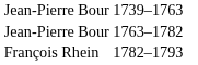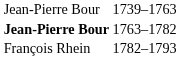 <table>
 <tr>
 <td>Jean-Pierre Bour</td>
 <td>1739–1763</td>
 </tr>
 <tr>
-<td>Jean-Pierre Bour</td>
+<td><strong>Jean-Pierre Bour</strong></td>
 <td>1763–1782</td>
 </tr>
 <tr>
 <td>François Rhein</td>
 <td>1782–1793</td>
 </tr>
 </table>
